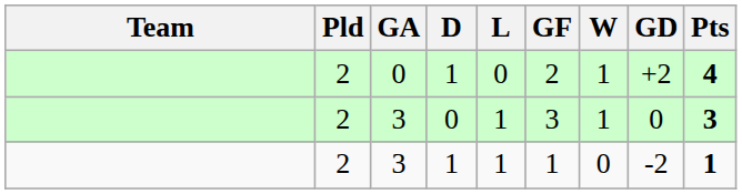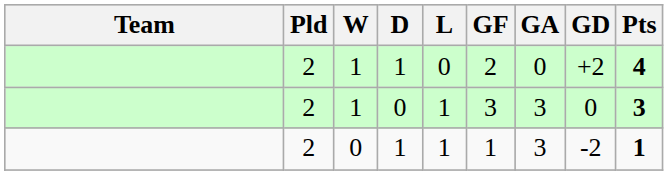 <table class="wikitable" style="text-align:center;">
 <tr>
 <th width=165>Team</th>
 <th width=20>Pld</th>
-<th width=20>GA</th>
+<th width=20>W</th>
 <th width=20>D</th>
 <th width=20>L</th>
 <th width=20>GF</th>
-<th width=20>W</th>
+<th width=20>GA</th>
 <th width=20>GD</th>
 <th width=20>Pts</th>
 </tr>
 <tr style="background:#ccffcc;">
 <td style="text-align:left;"></td>
 <td>2</td>
-<td>0</td>
+<td>1</td>
 <td>1</td>
 <td>0</td>
 <td>2</td>
-<td>1</td>
+<td>0</td>
 <td>+2</td>
 <td><strong>4</strong></td>
 </tr>
 <tr style="background:#ccffcc;">
 <td style="text-align:left;"></td>
 <td>2</td>
-<td>3</td>
+<td>1</td>
 <td>0</td>
 <td>1</td>
 <td>3</td>
-<td>1</td>
+<td>3</td>
 <td>0</td>
 <td><strong>3</strong></td>
 </tr>
 <tr>
 <td style="text-align:left;"></td>
 <td>2</td>
-<td>3</td>
+<td>0</td>
 <td>1</td>
 <td>1</td>
 <td>1</td>
-<td>0</td>
+<td>3</td>
 <td>-2</td>
 <td><strong>1</strong></td>
 </tr>
 </table>
